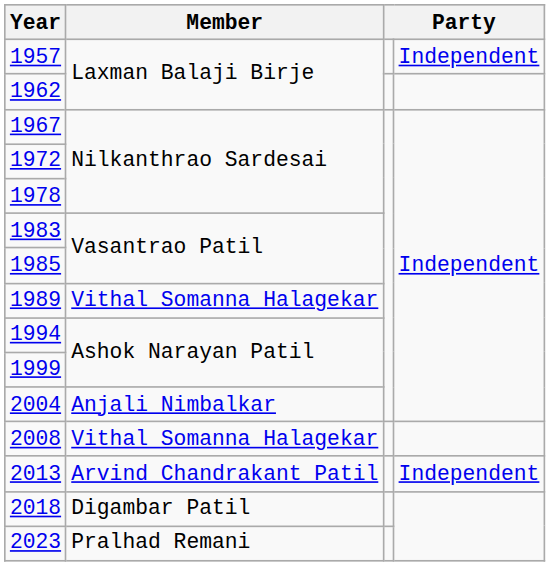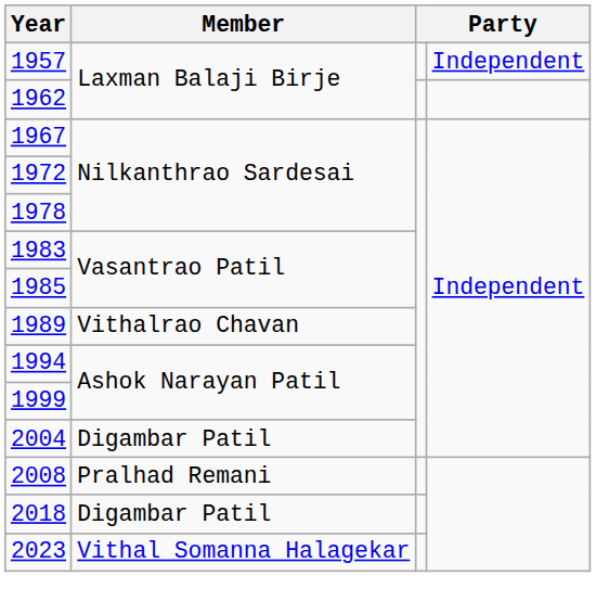 <table class="wikitable">
 <tr>
 <th>Year</th>
 <th>Member</th>
 <th colspan=2>Party</th>
 </tr>
 <tr>
 <td><a href='#'>1957</a></td>
 <td rowspan="2">Laxman Balaji Birje</td>
 <td style="background-color :"></td>
 <td><a href='#'>Independent</a></td>
 </tr>
 <tr>
 <td><a href='#'>1962</a></td>
 <td></td>
 </tr>
 <tr>
 <td><a href='#'>1967</a></td>
 <td rowspan="3">Nilkanthrao Sardesai</td>
 <td rowspan="9" style="background-color :"></td>
 <td rowspan="9"><a href='#'>Independent</a></td>
 </tr>
 <tr>
 <td><a href='#'>1972</a></td>
 </tr>
 <tr>
 <td><a href='#'>1978</a></td>
 </tr>
 <tr>
 <td><a href='#'>1983</a></td>
 <td rowspan="2">Vasantrao Patil</td>
 </tr>
 <tr>
 <td><a href='#'>1985</a></td>
 </tr>
 <tr>
 <td><a href='#'>1989</a></td>
-<td><a href='#'>Vithal Somanna Halagekar</a></td>
+<td>Vithalrao Chavan</td>
 </tr>
 <tr>
 <td><a href='#'>1994</a></td>
 <td rowspan="2">Ashok Narayan Patil</td>
 </tr>
 <tr>
 <td><a href='#'>1999</a></td>
 </tr>
 <tr>
 <td><a href='#'>2004</a></td>
-<td><a href='#'>Anjali Nimbalkar</a></td>
+<td>Digambar Patil</td>
 </tr>
 <tr>
 <td><a href='#'>2008</a></td>
-<td><a href='#'>Vithal Somanna Halagekar</a></td>
+<td>Pralhad Remani</td>
 <td></td>
-</tr>
-<tr>
-<td><a href='#'>2013</a></td>
-<td><a href='#'>Arvind Chandrakant Patil</a></td>
-<td style="background-color :"></td>
-<td><a href='#'>Independent</a></td>
 </tr>
 <tr>
 <td><a href='#'>2018</a></td>
 <td>Digambar Patil</td>
 <td></td>
 </tr>
 <tr>
 <td><a href='#'>2023</a></td>
-<td>Pralhad Remani</td>
+<td><a href='#'>Vithal Somanna Halagekar</a></td>
 <td></td>
 </tr>
 </table>
